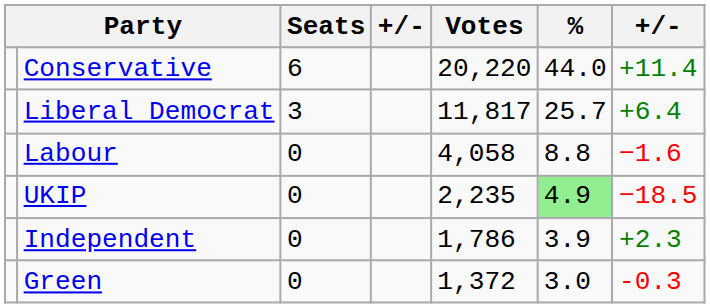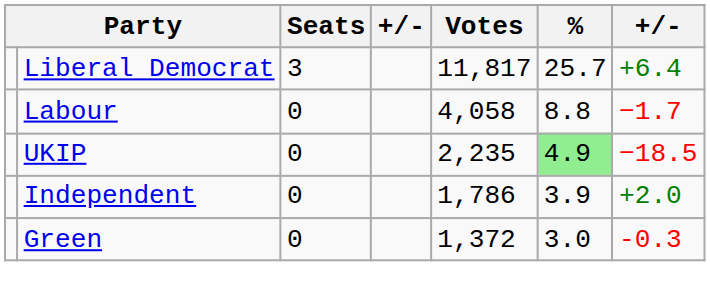 <table class="wikitable sortable">
 <tr>
 <th colspan="2">Party</th>
 <th>Seats</th>
 <th>+/-</th>
 <th>Votes</th>
 <th>%</th>
 <th>+/-</th>
-</tr>
-<tr>
-<td style="background-color: "></td>
-<td><a href='#'>Conservative</a></td>
-<td>6</td>
-<td></td>
-<td>20,220</td>
-<td>44.0</td>
-<td style="color:green">+11.4</td>
 </tr>
 <tr>
 <td style="background-color: "></td>
 <td><a href='#'>Liberal Democrat</a></td>
 <td>3</td>
 <td></td>
 <td>11,817</td>
 <td>25.7</td>
 <td style="color:green">+6.4</td>
 </tr>
 <tr>
 <td style="background-color: "></td>
 <td><a href='#'>Labour</a></td>
 <td>0</td>
 <td></td>
 <td>4,058</td>
 <td>8.8</td>
-<td style="color:red">−1.6</td>
+<td style="color:red">−1.7</td>
 </tr>
 <tr>
 <td style="background-color: "></td>
 <td><a href='#'>UKIP</a></td>
 <td>0</td>
 <td></td>
 <td>2,235</td>
 <td style="background: lightgreen;">4.9</td>
 <td style="color:red">−18.5</td>
 </tr>
 <tr>
 <td style="background-color: "></td>
 <td><a href='#'>Independent</a></td>
 <td>0</td>
 <td></td>
 <td>1,786</td>
 <td>3.9</td>
-<td style="color:green">+2.3</td>
+<td style="color:green">+2.0</td>
 </tr>
 <tr>
 <td style="background-color: "></td>
 <td><a href='#'>Green</a></td>
 <td>0</td>
 <td></td>
 <td>1,372</td>
 <td>3.0</td>
 <td style="color:red">-0.3</td>
 </tr>
 </table>
